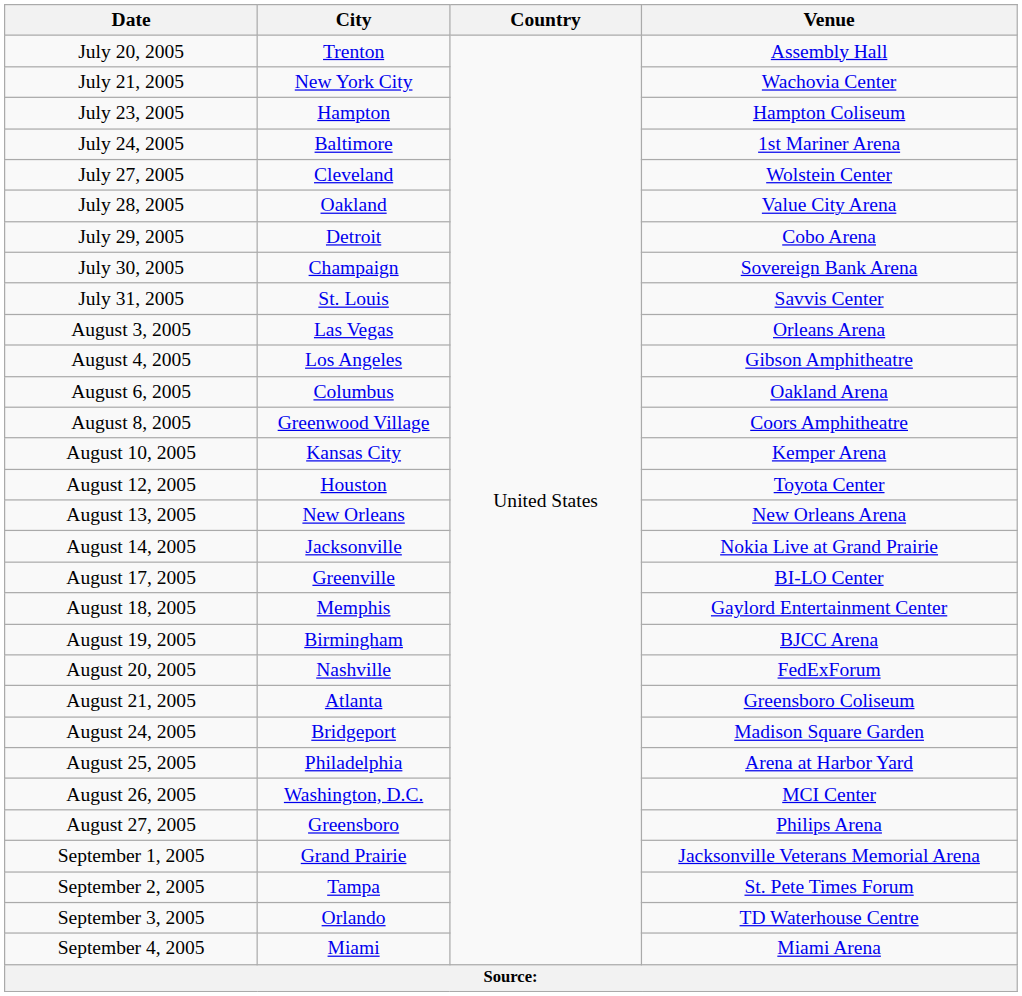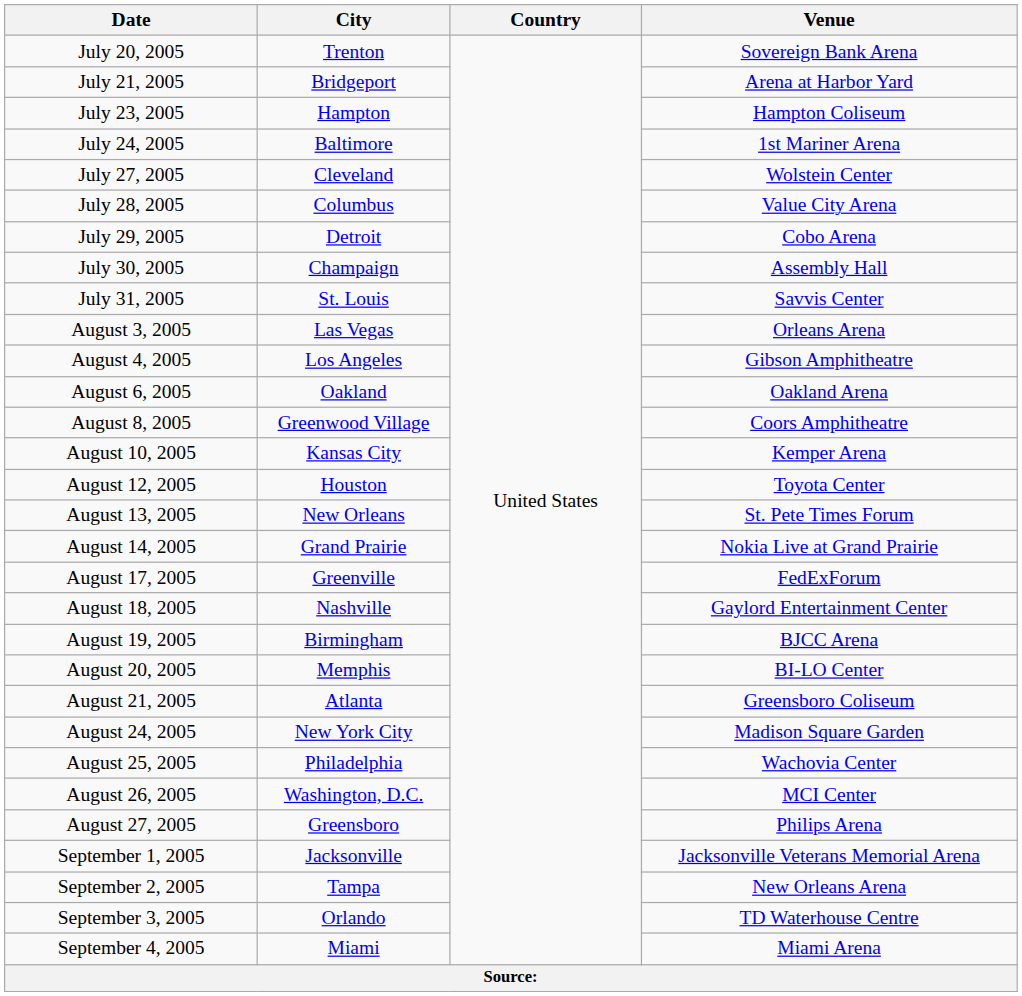 <table class="wikitable" style="text-align:center;">
 <tr>
 <th width="200">Date</th>
 <th width="150">City</th>
 <th width="150">Country</th>
 <th width="300">Venue</th>
 </tr>
 <tr>
 <td>July 20, 2005</td>
 <td><a href='#'>Trenton</a></td>
 <td rowspan="30">United States</td>
-<td><a href='#'>Assembly Hall</a></td>
+<td><a href='#'>Sovereign Bank Arena</a></td>
 </tr>
 <tr>
 <td>July 21, 2005</td>
-<td><a href='#'>New York City</a></td>
-<td><a href='#'>Wachovia Center</a></td>
+<td><a href='#'>Bridgeport</a></td>
+<td><a href='#'>Arena at Harbor Yard</a></td>
 </tr>
 <tr>
 <td>July 23, 2005</td>
 <td><a href='#'>Hampton</a></td>
 <td><a href='#'>Hampton Coliseum</a></td>
 </tr>
 <tr>
 <td>July 24, 2005</td>
 <td><a href='#'>Baltimore</a></td>
 <td><a href='#'>1st Mariner Arena</a></td>
 </tr>
 <tr>
 <td>July 27, 2005</td>
 <td><a href='#'>Cleveland</a></td>
 <td><a href='#'>Wolstein Center</a></td>
 </tr>
 <tr>
 <td>July 28, 2005</td>
-<td><a href='#'>Oakland</a></td>
+<td><a href='#'>Columbus</a></td>
 <td><a href='#'>Value City Arena</a></td>
 </tr>
 <tr>
 <td>July 29, 2005</td>
 <td><a href='#'>Detroit</a></td>
 <td><a href='#'>Cobo Arena</a></td>
 </tr>
 <tr>
 <td>July 30, 2005</td>
 <td><a href='#'>Champaign</a></td>
-<td><a href='#'>Sovereign Bank Arena</a></td>
+<td><a href='#'>Assembly Hall</a></td>
 </tr>
 <tr>
 <td>July 31, 2005</td>
 <td><a href='#'>St. Louis</a></td>
 <td><a href='#'>Savvis Center</a></td>
 </tr>
 <tr>
 <td>August 3, 2005</td>
 <td><a href='#'>Las Vegas</a></td>
 <td><a href='#'>Orleans Arena</a></td>
 </tr>
 <tr>
 <td>August 4, 2005</td>
 <td><a href='#'>Los Angeles</a></td>
 <td><a href='#'>Gibson Amphitheatre</a></td>
 </tr>
 <tr>
 <td>August 6, 2005</td>
-<td><a href='#'>Columbus</a></td>
+<td><a href='#'>Oakland</a></td>
 <td><a href='#'>Oakland Arena</a></td>
 </tr>
 <tr>
 <td>August 8, 2005</td>
 <td><a href='#'>Greenwood Village</a></td>
 <td><a href='#'>Coors Amphitheatre</a></td>
 </tr>
 <tr>
 <td>August 10, 2005</td>
 <td><a href='#'>Kansas City</a></td>
 <td><a href='#'>Kemper Arena</a></td>
 </tr>
 <tr>
 <td>August 12, 2005</td>
 <td><a href='#'>Houston</a></td>
 <td><a href='#'>Toyota Center</a></td>
 </tr>
 <tr>
 <td>August 13, 2005</td>
 <td><a href='#'>New Orleans</a></td>
-<td><a href='#'>New Orleans Arena</a></td>
+<td><a href='#'>St. Pete Times Forum</a></td>
 </tr>
 <tr>
 <td>August 14, 2005</td>
-<td><a href='#'>Jacksonville</a></td>
+<td><a href='#'>Grand Prairie</a></td>
 <td><a href='#'>Nokia Live at Grand Prairie</a></td>
 </tr>
 <tr>
 <td>August 17, 2005</td>
 <td><a href='#'>Greenville</a></td>
-<td><a href='#'>BI-LO Center</a></td>
+<td><a href='#'>FedExForum</a></td>
 </tr>
 <tr>
 <td>August 18, 2005</td>
-<td><a href='#'>Memphis</a></td>
+<td><a href='#'>Nashville</a></td>
 <td><a href='#'>Gaylord Entertainment Center</a></td>
 </tr>
 <tr>
 <td>August 19, 2005</td>
 <td><a href='#'>Birmingham</a></td>
 <td><a href='#'>BJCC Arena</a></td>
 </tr>
 <tr>
 <td>August 20, 2005</td>
-<td><a href='#'>Nashville</a></td>
-<td><a href='#'>FedExForum</a></td>
+<td><a href='#'>Memphis</a></td>
+<td><a href='#'>BI-LO Center</a></td>
 </tr>
 <tr>
 <td>August 21, 2005</td>
 <td><a href='#'>Atlanta</a></td>
 <td><a href='#'>Greensboro Coliseum</a></td>
 </tr>
 <tr>
 <td>August 24, 2005</td>
-<td><a href='#'>Bridgeport</a></td>
+<td><a href='#'>New York City</a></td>
 <td><a href='#'>Madison Square Garden</a></td>
 </tr>
 <tr>
 <td>August 25, 2005</td>
 <td><a href='#'>Philadelphia</a></td>
-<td><a href='#'>Arena at Harbor Yard</a></td>
+<td><a href='#'>Wachovia Center</a></td>
 </tr>
 <tr>
 <td>August 26, 2005</td>
 <td><a href='#'>Washington, D.C.</a></td>
 <td><a href='#'>MCI Center</a></td>
 </tr>
 <tr>
 <td>August 27, 2005</td>
 <td><a href='#'>Greensboro</a></td>
 <td><a href='#'>Philips Arena</a></td>
 </tr>
 <tr>
 <td>September 1, 2005</td>
-<td><a href='#'>Grand Prairie</a></td>
+<td><a href='#'>Jacksonville</a></td>
 <td><a href='#'>Jacksonville Veterans Memorial Arena</a></td>
 </tr>
 <tr>
 <td>September 2, 2005</td>
 <td><a href='#'>Tampa</a></td>
-<td><a href='#'>St. Pete Times Forum</a></td>
+<td><a href='#'>New Orleans Arena</a></td>
 </tr>
 <tr>
 <td>September 3, 2005</td>
 <td><a href='#'>Orlando</a></td>
 <td><a href='#'>TD Waterhouse Centre</a></td>
 </tr>
 <tr>
 <td>September 4, 2005</td>
 <td><a href='#'>Miami</a></td>
 <td><a href='#'>Miami Arena</a></td>
 </tr>
 <tr>
 <th colspan="4" style="text-align:center; font-size:85%;">Source:</th>
 </tr>
 </table>
